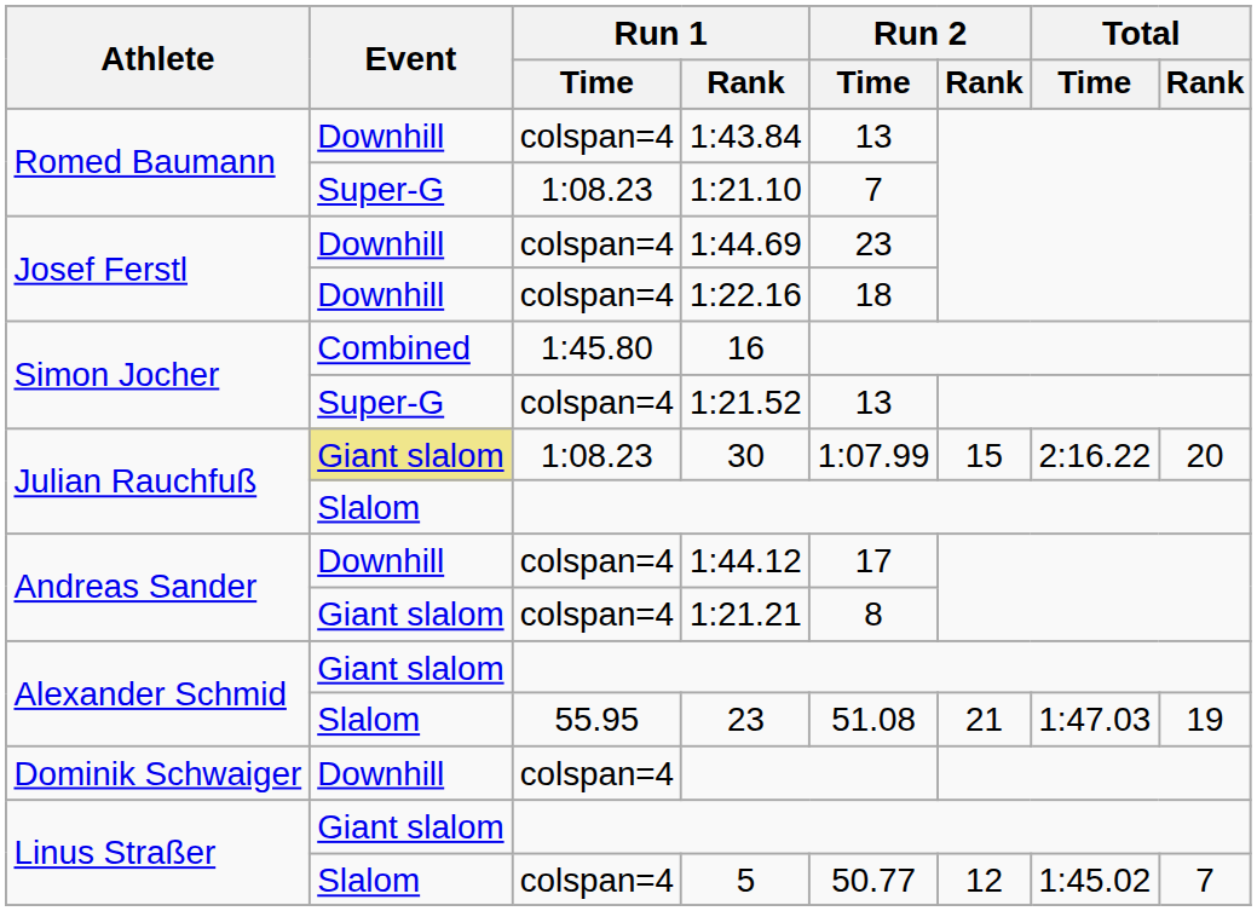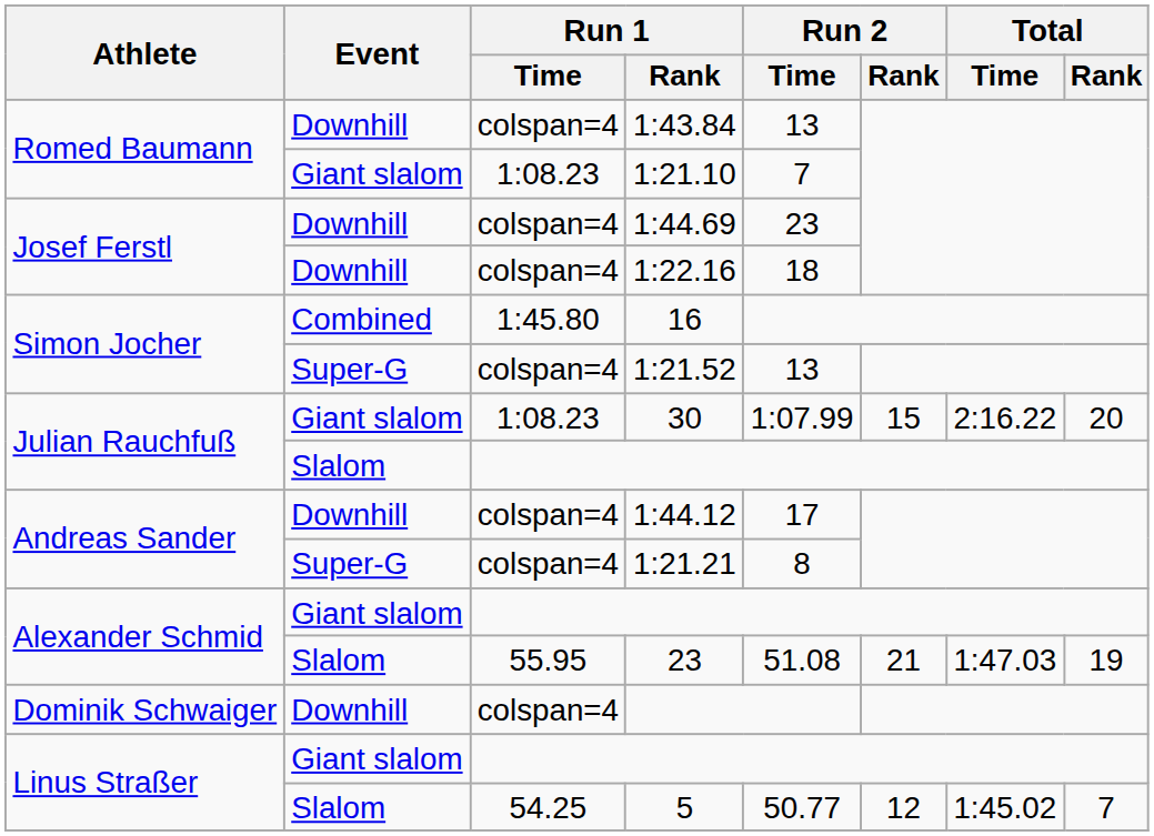 <table class="wikitable" style="font-size:90%">
 <tr>
 <th rowspan=2>Athlete</th>
 <th rowspan=2>Event</th>
 <th colspan=2>Run 1</th>
 <th colspan=2>Run 2</th>
 <th colspan=2>Total</th>
 </tr>
 <tr style="font-size:95%">
 <th>Time</th>
 <th>Rank</th>
 <th>Time</th>
 <th>Rank</th>
 <th>Time</th>
 <th>Rank</th>
 </tr>
 <tr align=center>
 <td align=left rowspan=2><a href='#'>Romed Baumann</a></td>
 <td align=left><a href='#'>Downhill</a></td>
 <td>colspan=4</td>
 <td>1:43.84</td>
 <td>13</td>
 </tr>
 <tr align=center>
-<td align=left><a href='#'>Super-G</a></td>
+<td align=left><a href='#'>Giant slalom</a></td>
 <td>1:08.23</td>
 <td>1:21.10</td>
 <td>7</td>
 </tr>
 <tr align=center>
 <td align=left rowspan=2><a href='#'>Josef Ferstl</a></td>
 <td align=left><a href='#'>Downhill</a></td>
 <td>colspan=4</td>
 <td>1:44.69</td>
 <td>23</td>
 </tr>
 <tr align=center>
 <td align=left><a href='#'>Downhill</a></td>
 <td>colspan=4</td>
 <td>1:22.16</td>
 <td>18</td>
 </tr>
 <tr align=center>
 <td align=left rowspan=2><a href='#'>Simon Jocher</a></td>
 <td align=left><a href='#'>Combined</a></td>
 <td>1:45.80</td>
 <td>16</td>
 <td colspan=4></td>
 </tr>
 <tr align=center>
 <td align=left><a href='#'>Super-G</a></td>
 <td>colspan=4</td>
 <td>1:21.52</td>
 <td>13</td>
 </tr>
 <tr align=center>
 <td align=left rowspan=2><a href='#'>Julian Rauchfuß</a></td>
-<td align=left style="background: khaki;"><a href='#'>Giant slalom</a></td>
+<td align=left><a href='#'>Giant slalom</a></td>
 <td>1:08.23</td>
 <td>30</td>
 <td>1:07.99</td>
 <td>15</td>
 <td>2:16.22</td>
 <td>20</td>
 </tr>
 <tr align=center>
 <td align=left><a href='#'>Slalom</a></td>
 <td colspan=6></td>
 </tr>
 <tr align=center>
 <td align=left rowspan=2><a href='#'>Andreas Sander</a></td>
 <td align=left><a href='#'>Downhill</a></td>
 <td>colspan=4</td>
 <td>1:44.12</td>
 <td>17</td>
 </tr>
 <tr align=center>
-<td align=left><a href='#'>Giant slalom</a></td>
+<td align=left><a href='#'>Super-G</a></td>
 <td>colspan=4</td>
 <td>1:21.21</td>
 <td>8</td>
 </tr>
 <tr align=center>
 <td align=left rowspan=2><a href='#'>Alexander Schmid</a></td>
 <td align=left><a href='#'>Giant slalom</a></td>
 <td colspan=6></td>
 </tr>
 <tr align=center>
 <td align=left><a href='#'>Slalom</a></td>
 <td>55.95</td>
 <td>23</td>
 <td>51.08</td>
 <td>21</td>
 <td>1:47.03</td>
 <td>19</td>
 </tr>
 <tr align=center>
 <td align=left><a href='#'>Dominik Schwaiger</a></td>
 <td align=left><a href='#'>Downhill</a></td>
 <td>colspan=4</td>
 <td colspan=2></td>
 </tr>
 <tr align=center>
 <td align=left rowspan=2><a href='#'>Linus Straßer</a></td>
 <td align=left><a href='#'>Giant slalom</a></td>
 <td colspan=6></td>
 </tr>
 <tr align=center>
 <td align=left><a href='#'>Slalom</a></td>
-<td>colspan=4</td>
+<td>54.25</td>
 <td>5</td>
 <td>50.77</td>
 <td>12</td>
 <td>1:45.02</td>
 <td>7</td>
 </tr>
 </table>
